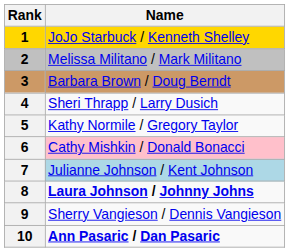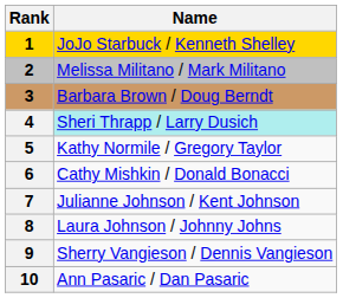 <table class="wikitable">
 <tr>
 <th>Rank</th>
 <th>Name</th>
 </tr>
 <tr bgcolor="gold">
 <td align="center"><strong>1</strong></td>
 <td><a href='#'>JoJo Starbuck</a> / <a href='#'>Kenneth Shelley</a></td>
 </tr>
 <tr bgcolor="silver">
 <td align="center"><strong>2</strong></td>
 <td><a href='#'>Melissa Militano</a> / <a href='#'>Mark Militano</a></td>
 </tr>
 <tr bgcolor="cc9966">
 <td align="center"><strong>3</strong></td>
 <td><a href='#'>Barbara Brown</a> / <a href='#'>Doug Berndt</a></td>
 </tr>
 <tr>
 <th>4</th>
-<td><a href='#'>Sheri Thrapp</a> / <a href='#'>Larry Dusich</a></td>
+<td style="background: paleturquoise;"><a href='#'>Sheri Thrapp</a> / <a href='#'>Larry Dusich</a></td>
 </tr>
 <tr>
 <th>5</th>
 <td><a href='#'>Kathy Normile</a> / <a href='#'>Gregory Taylor</a></td>
 </tr>
 <tr>
 <th>6</th>
-<td style="background: pink;"><a href='#'>Cathy Mishkin</a> / <a href='#'>Donald Bonacci</a></td>
+<td><a href='#'>Cathy Mishkin</a> / <a href='#'>Donald Bonacci</a></td>
 </tr>
 <tr>
 <th>7</th>
-<td style="background: lightblue;"><a href='#'>Julianne Johnson</a> / <a href='#'>Kent Johnson</a></td>
+<td><a href='#'>Julianne Johnson</a> / <a href='#'>Kent Johnson</a></td>
 </tr>
 <tr>
 <th>8</th>
-<td><strong><a href='#'>Laura Johnson</a> / <a href='#'>Johnny Johns</a></strong></td>
+<td><a href='#'>Laura Johnson</a> / <a href='#'>Johnny Johns</a></td>
 </tr>
 <tr>
 <th>9</th>
 <td><a href='#'>Sherry Vangieson</a> / <a href='#'>Dennis Vangieson</a></td>
 </tr>
 <tr>
 <th>10</th>
-<td><strong><a href='#'>Ann Pasaric</a> / <a href='#'>Dan Pasaric</a></strong></td>
+<td><a href='#'>Ann Pasaric</a> / <a href='#'>Dan Pasaric</a></td>
 </tr>
 </table>
